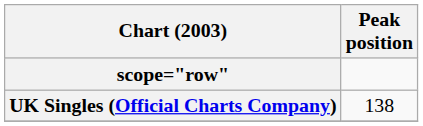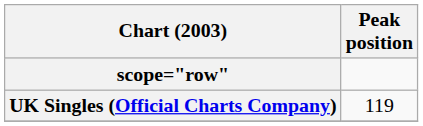 <table class="wikitable sortable plainrowheaders">
 <tr>
 <th>Chart (2003)</th>
 <th>Peak<br>position</th>
 </tr>
 <tr>
 <th>scope="row" </th>
 </tr>
 <tr>
 <th scope="row">UK Singles (<a href='#'>Official Charts Company</a>)</th>
-<td align="center">138</td>
+<td align="center">119</td>
 </tr>
 <tr>
 </tr>
 </table>
